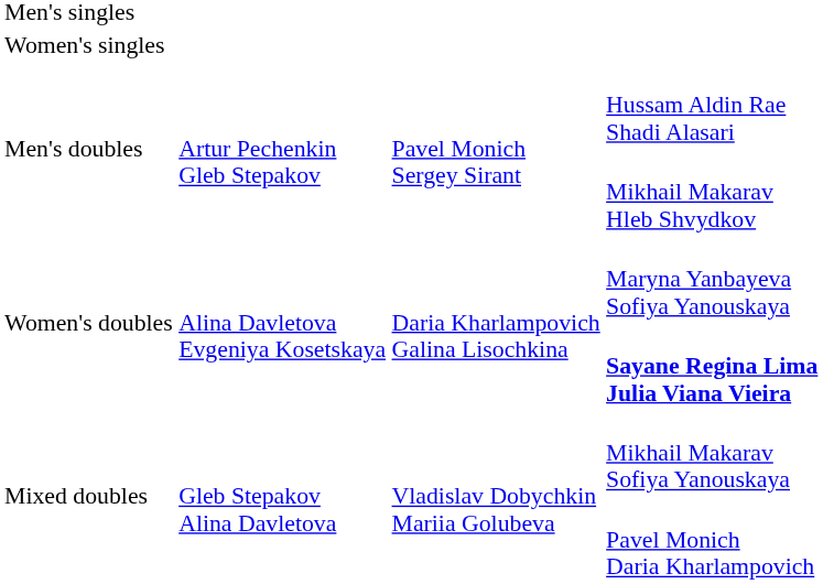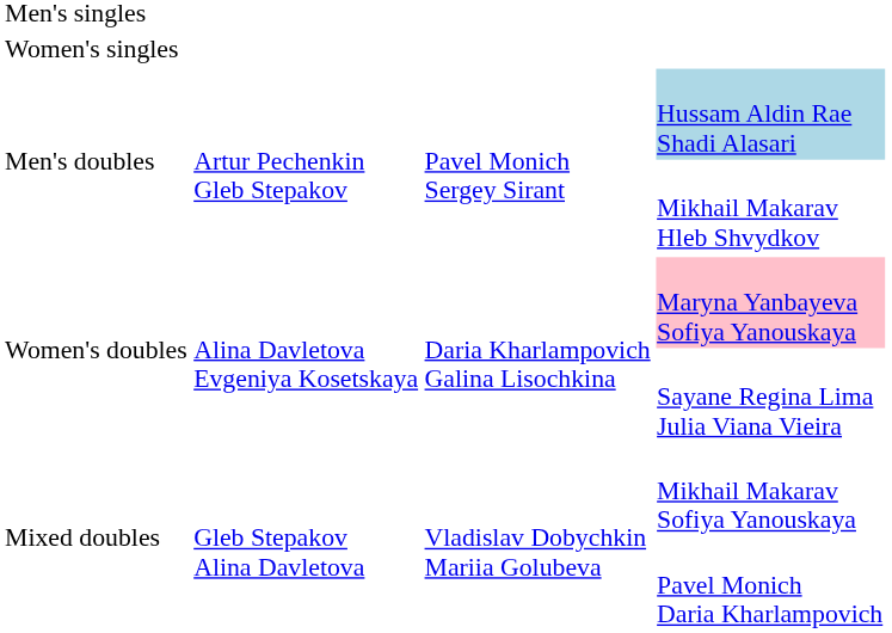 <table>
 <tr>
 <td rowspan="2">Men's singles<br></td>
 <td rowspan="2"></td>
 <td rowspan="2"></td>
 <td></td>
 </tr>
 <tr>
 <td></td>
 </tr>
 <tr>
 <td rowspan="2">Women's singles<br></td>
 <td rowspan="2"></td>
 <td rowspan="2"></td>
 <td></td>
 </tr>
 <tr>
 <td></td>
 </tr>
 <tr>
 <td rowspan="2">Men's doubles<br></td>
 <td rowspan="2"><br><a href='#'>Artur Pechenkin</a><br><a href='#'>Gleb Stepakov</a></td>
 <td rowspan="2"><br><a href='#'>Pavel Monich</a><br><a href='#'>Sergey Sirant</a></td>
-<td><br><a href='#'>Hussam Aldin Rae</a><br><a href='#'>Shadi Alasari</a></td>
+<td style="background: lightblue;"><br><a href='#'>Hussam Aldin Rae</a><br><a href='#'>Shadi Alasari</a></td>
 </tr>
 <tr>
 <td><br><a href='#'>Mikhail Makarav</a><br><a href='#'>Hleb Shvydkov</a></td>
 </tr>
 <tr>
 <td rowspan="2">Women's doubles<br></td>
 <td rowspan="2"><br><a href='#'>Alina Davletova</a><br><a href='#'>Evgeniya Kosetskaya</a></td>
 <td rowspan="2"><br><a href='#'>Daria Kharlampovich</a><br><a href='#'>Galina Lisochkina</a></td>
-<td><br><a href='#'>Maryna Yanbayeva</a><br><a href='#'>Sofiya Yanouskaya</a></td>
+<td style="background: pink;"><br><a href='#'>Maryna Yanbayeva</a><br><a href='#'>Sofiya Yanouskaya</a></td>
 </tr>
 <tr>
-<td><strong><br><a href='#'>Sayane Regina Lima</a><br><a href='#'>Julia Viana Vieira</a></strong></td>
+<td><br><a href='#'>Sayane Regina Lima</a><br><a href='#'>Julia Viana Vieira</a></td>
 </tr>
 <tr>
 <td rowspan="2">Mixed doubles<br></td>
 <td rowspan="2"><br><a href='#'>Gleb Stepakov</a><br><a href='#'>Alina Davletova</a></td>
 <td rowspan="2"><br><a href='#'>Vladislav Dobychkin</a><br><a href='#'>Mariia Golubeva</a></td>
 <td><br><a href='#'>Mikhail Makarav</a><br><a href='#'>Sofiya Yanouskaya</a></td>
 </tr>
 <tr>
 <td><br><a href='#'>Pavel Monich</a><br><a href='#'>Daria Kharlampovich</a></td>
 </tr>
 </table>
